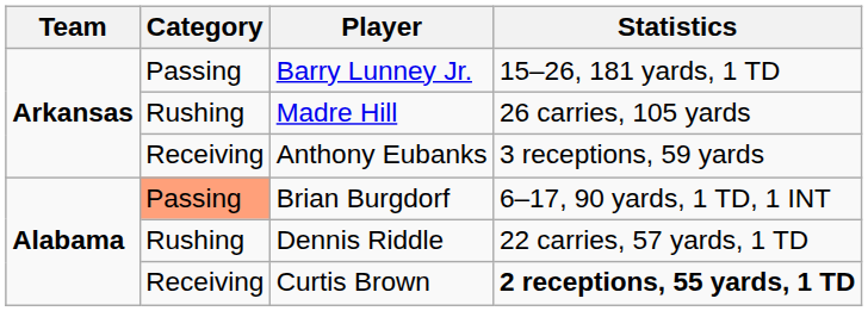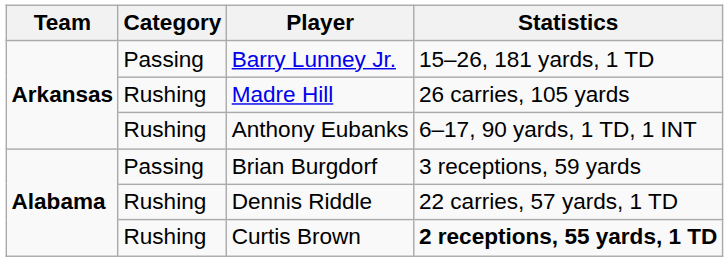 <table class="wikitable" style="float: right;">
 <tr>
 <th>Team</th>
 <th>Category</th>
 <th>Player</th>
 <th>Statistics</th>
 </tr>
 <tr>
 <td rowspan=3><strong>Arkansas</strong></td>
 <td>Passing</td>
 <td><a href='#'>Barry Lunney Jr.</a></td>
 <td>15–26, 181 yards, 1 TD</td>
 </tr>
 <tr>
 <td>Rushing</td>
 <td><a href='#'>Madre Hill</a></td>
 <td>26 carries, 105 yards</td>
 </tr>
 <tr>
-<td>Receiving</td>
+<td>Rushing</td>
 <td>Anthony Eubanks</td>
-<td>3 receptions, 59 yards</td>
+<td>6–17, 90 yards, 1 TD, 1 INT</td>
 </tr>
 <tr>
 <td rowspan=3><strong>Alabama</strong></td>
-<td style="background: lightsalmon;">Passing</td>
+<td>Passing</td>
 <td>Brian Burgdorf</td>
-<td>6–17, 90 yards, 1 TD, 1 INT</td>
+<td>3 receptions, 59 yards</td>
 </tr>
 <tr>
 <td>Rushing</td>
 <td>Dennis Riddle</td>
 <td>22 carries, 57 yards, 1 TD</td>
 </tr>
 <tr>
-<td>Receiving</td>
+<td>Rushing</td>
 <td>Curtis Brown</td>
 <td><strong>2 receptions, 55 yards, 1 TD</strong></td>
 </tr>
 </table>
